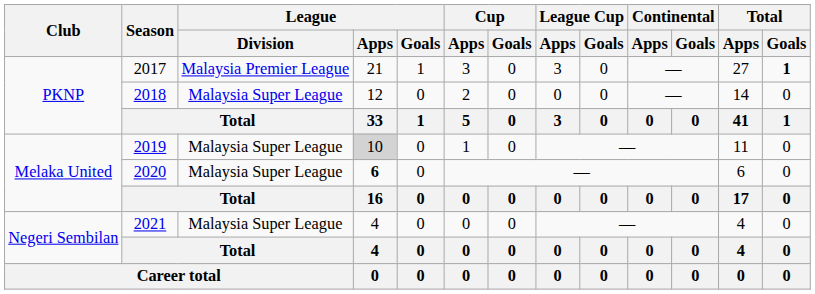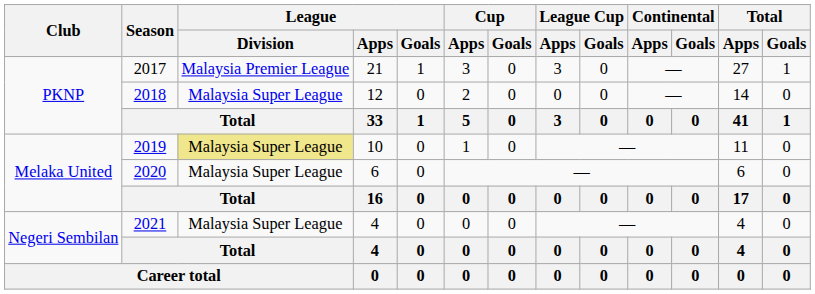 <table class=wikitable style="text-align: center">
 <tr>
 <th rowspan=2>Club</th>
 <th rowspan=2>Season</th>
 <th colspan=3>League</th>
 <th colspan=2>Cup</th>
 <th colspan=2>League Cup</th>
 <th colspan=2>Continental</th>
 <th colspan=2>Total</th>
 </tr>
 <tr>
 <th>Division</th>
 <th>Apps</th>
 <th>Goals</th>
 <th>Apps</th>
 <th>Goals</th>
 <th>Apps</th>
 <th>Goals</th>
 <th>Apps</th>
 <th>Goals</th>
 <th>Apps</th>
 <th>Goals</th>
 </tr>
 <tr>
 <td rowspan=3><a href='#'>PKNP</a></td>
 <td>2017</td>
 <td><a href='#'>Malaysia Premier League</a></td>
 <td>21</td>
 <td>1</td>
 <td>3</td>
 <td>0</td>
 <td>3</td>
 <td>0</td>
 <td colspan="2">—</td>
 <td>27</td>
-<td><strong>1</strong></td>
+<td>1</td>
 </tr>
 <tr>
 <td><a href='#'>2018</a></td>
 <td><a href='#'>Malaysia Super League</a></td>
 <td>12</td>
 <td>0</td>
 <td>2</td>
 <td>0</td>
 <td>0</td>
 <td>0</td>
 <td colspan="2">—</td>
 <td>14</td>
 <td>0</td>
 </tr>
 <tr>
 <th colspan=2>Total</th>
 <th>33</th>
 <th>1</th>
 <th>5</th>
 <th>0</th>
 <th>3</th>
 <th>0</th>
 <th>0</th>
 <th>0</th>
 <th>41</th>
 <th>1</th>
 </tr>
 <tr>
 <td rowspan=3><a href='#'>Melaka United</a></td>
 <td><a href='#'>2019</a></td>
-<td>Malaysia Super League</td>
-<td style="background: lightgrey;">10</td>
+<td style="background: khaki;">Malaysia Super League</td>
+<td>10</td>
 <td>0</td>
 <td>1</td>
 <td>0</td>
 <td colspan="4">—</td>
 <td>11</td>
 <td>0</td>
 </tr>
 <tr>
 <td><a href='#'>2020</a></td>
 <td>Malaysia Super League</td>
-<td><strong>6</strong></td>
+<td>6</td>
 <td>0</td>
 <td colspan="6">—</td>
 <td>6</td>
 <td>0</td>
 </tr>
 <tr>
 <th colspan=2>Total</th>
 <th>16</th>
 <th>0</th>
 <th>0</th>
 <th>0</th>
 <th>0</th>
 <th>0</th>
 <th>0</th>
 <th>0</th>
 <th>17</th>
 <th>0</th>
 </tr>
 <tr>
 <td rowspan=2><a href='#'>Negeri Sembilan</a></td>
 <td><a href='#'>2021</a></td>
 <td>Malaysia Super League</td>
 <td>4</td>
 <td>0</td>
 <td>0</td>
 <td>0</td>
 <td colspan="4">—</td>
 <td>4</td>
 <td>0</td>
 </tr>
 <tr>
 <th colspan=2>Total</th>
 <th>4</th>
 <th>0</th>
 <th>0</th>
 <th>0</th>
 <th>0</th>
 <th>0</th>
 <th>0</th>
 <th>0</th>
 <th>4</th>
 <th>0</th>
 </tr>
 <tr>
 <th colspan=3>Career total</th>
 <th>0</th>
 <th>0</th>
 <th>0</th>
 <th>0</th>
 <th>0</th>
 <th>0</th>
 <th>0</th>
 <th>0</th>
 <th>0</th>
 <th>0</th>
 </tr>
 </table>
